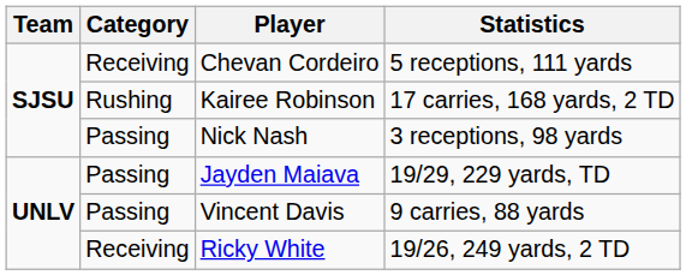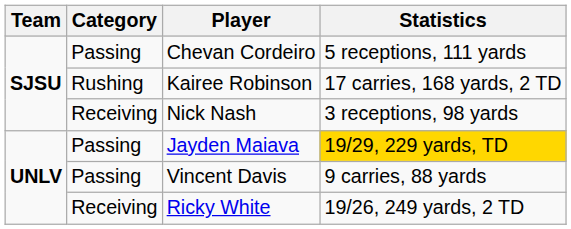 <table class="wikitable" style="float: right;">
 <tr>
 <th>Team</th>
 <th>Category</th>
 <th>Player</th>
 <th>Statistics</th>
 </tr>
 <tr>
 <td rowspan=3><strong>SJSU</strong></td>
-<td>Receiving</td>
+<td>Passing</td>
 <td>Chevan Cordeiro</td>
 <td>5 receptions, 111 yards</td>
 </tr>
 <tr>
 <td>Rushing</td>
 <td>Kairee Robinson</td>
 <td>17 carries, 168 yards, 2 TD</td>
 </tr>
 <tr>
-<td>Passing</td>
+<td>Receiving</td>
 <td>Nick Nash</td>
 <td>3 receptions, 98 yards</td>
 </tr>
 <tr>
 <td rowspan=3><strong>UNLV</strong></td>
 <td>Passing</td>
 <td><a href='#'>Jayden Maiava</a></td>
-<td>19/29, 229 yards, TD</td>
+<td style="background: gold;">19/29, 229 yards, TD</td>
 </tr>
 <tr>
 <td>Passing</td>
 <td>Vincent Davis</td>
 <td>9 carries, 88 yards</td>
 </tr>
 <tr>
 <td>Receiving</td>
 <td><a href='#'>Ricky White</a></td>
 <td>19/26, 249 yards, 2 TD</td>
 </tr>
 </table>
